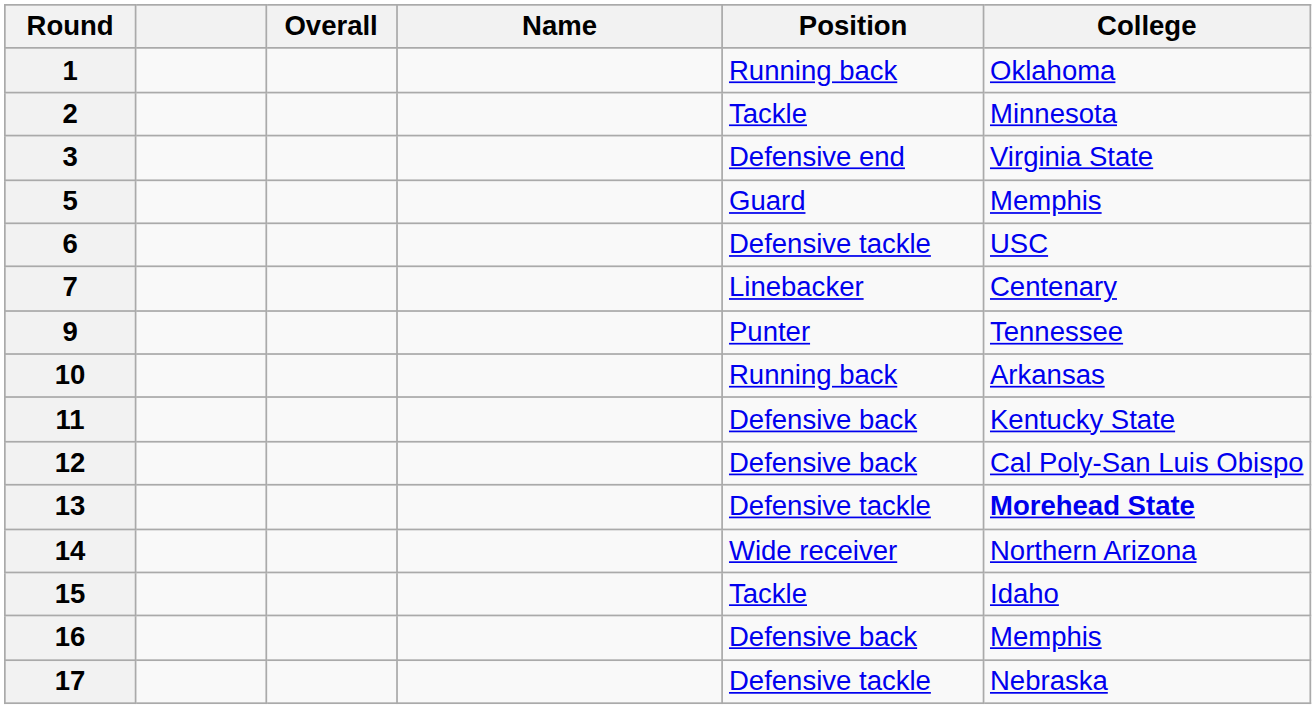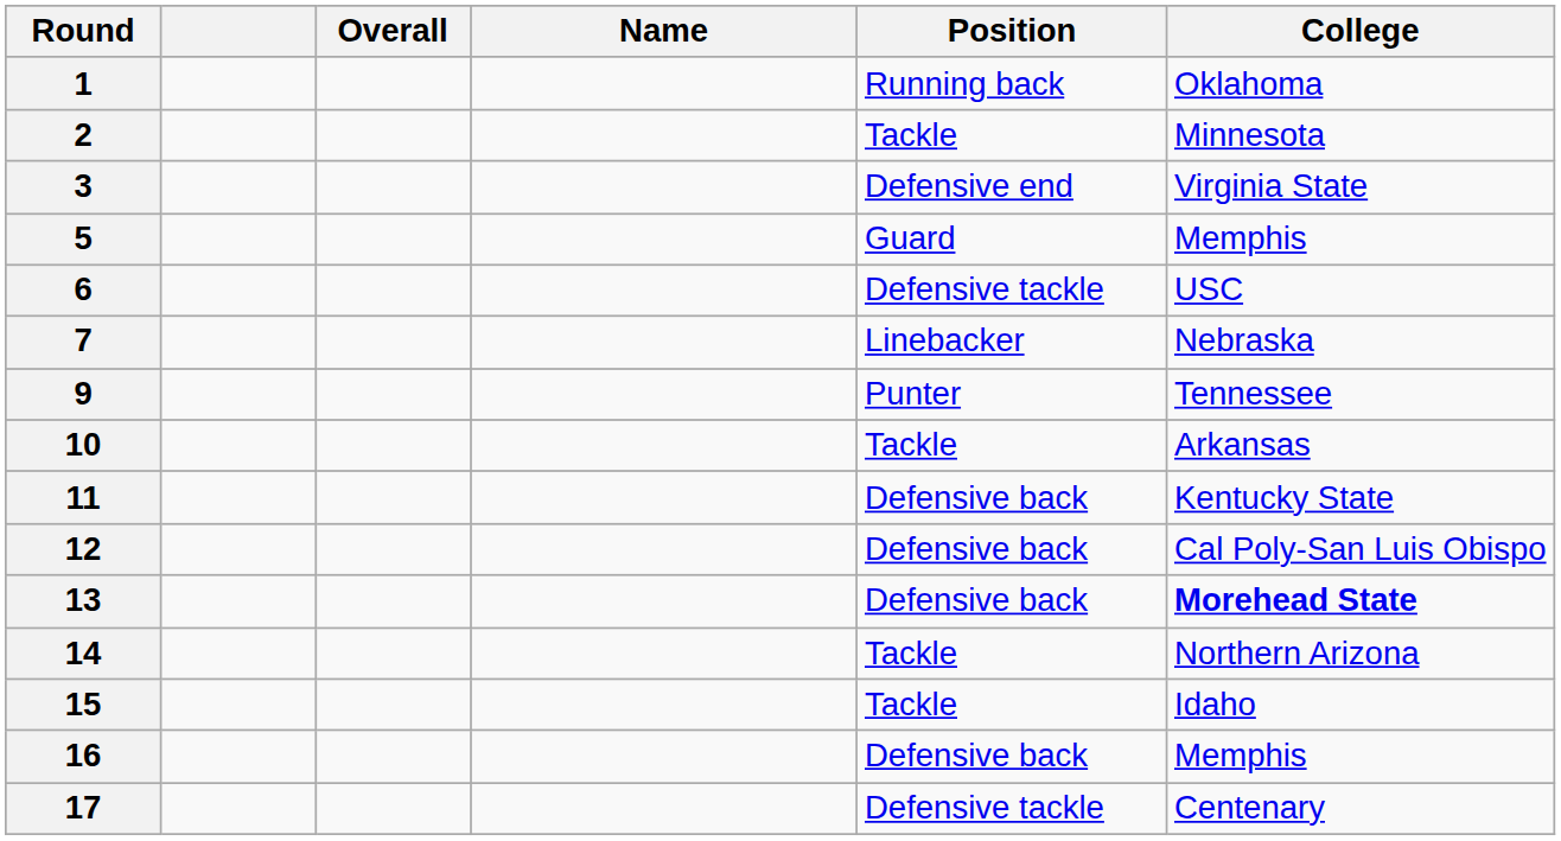 <table class="wikitable sortable">
 <tr>
 <th scope="col" style="width: 10%;">Round</th>
 <th scope="col" style="width: 10%;"></th>
 <th scope="col" style="width: 10%;">Overall</th>
 <th scope="col" style="width: 25%;">Name</th>
 <th scope="col" style="width: 20%;">Position</th>
 <th scope="col" style="width: 25%;">College</th>
 </tr>
 <tr>
 <th scope="row">1</th>
 <td></td>
 <td></td>
 <td></td>
 <td><a href='#'>Running back</a></td>
 <td><a href='#'>Oklahoma</a></td>
 </tr>
 <tr>
 <th scope="row">2</th>
 <td></td>
 <td></td>
 <td></td>
 <td><a href='#'>Tackle</a></td>
 <td><a href='#'>Minnesota</a></td>
 </tr>
 <tr>
 <th scope="row">3</th>
 <td></td>
 <td></td>
 <td></td>
 <td><a href='#'>Defensive end</a></td>
 <td><a href='#'>Virginia State</a></td>
 </tr>
 <tr>
 <th scope="row">5</th>
 <td></td>
 <td></td>
 <td></td>
 <td><a href='#'>Guard</a></td>
 <td><a href='#'>Memphis</a></td>
 </tr>
 <tr>
 <th scope="row">6</th>
 <td></td>
 <td></td>
 <td></td>
 <td><a href='#'>Defensive tackle</a></td>
 <td><a href='#'>USC</a></td>
 </tr>
 <tr>
 <th scope="row">7</th>
 <td></td>
 <td></td>
 <td></td>
 <td><a href='#'>Linebacker</a></td>
-<td><a href='#'>Centenary</a></td>
+<td><a href='#'>Nebraska</a></td>
 </tr>
 <tr>
 <th scope="row">9</th>
 <td></td>
 <td></td>
 <td></td>
 <td><a href='#'>Punter</a></td>
 <td><a href='#'>Tennessee</a></td>
 </tr>
 <tr>
 <th scope="row">10</th>
 <td></td>
 <td></td>
 <td></td>
-<td><a href='#'>Running back</a></td>
+<td><a href='#'>Tackle</a></td>
 <td><a href='#'>Arkansas</a></td>
 </tr>
 <tr>
 <th scope="row">11</th>
 <td></td>
 <td></td>
 <td></td>
 <td><a href='#'>Defensive back</a></td>
 <td><a href='#'>Kentucky State</a></td>
 </tr>
 <tr>
 <th scope="row">12</th>
 <td></td>
 <td></td>
 <td></td>
 <td><a href='#'>Defensive back</a></td>
 <td><a href='#'>Cal Poly-San Luis Obispo</a></td>
 </tr>
 <tr>
 <th scope="row">13</th>
 <td></td>
 <td></td>
 <td></td>
-<td><a href='#'>Defensive tackle</a></td>
+<td><a href='#'>Defensive back</a></td>
 <td><strong><a href='#'>Morehead State</a></strong></td>
 </tr>
 <tr>
 <th scope="row">14</th>
 <td></td>
 <td></td>
 <td></td>
-<td><a href='#'>Wide receiver</a></td>
+<td><a href='#'>Tackle</a></td>
 <td><a href='#'>Northern Arizona</a></td>
 </tr>
 <tr>
 <th scope="row">15</th>
 <td></td>
 <td></td>
 <td></td>
 <td><a href='#'>Tackle</a></td>
 <td><a href='#'>Idaho</a></td>
 </tr>
 <tr>
 <th scope="row">16</th>
 <td></td>
 <td></td>
 <td></td>
 <td><a href='#'>Defensive back</a></td>
 <td><a href='#'>Memphis</a></td>
 </tr>
 <tr>
 <th scope="row">17</th>
 <td></td>
 <td></td>
 <td></td>
 <td><a href='#'>Defensive tackle</a></td>
-<td><a href='#'>Nebraska</a></td>
+<td><a href='#'>Centenary</a></td>
 </tr>
 </table>
